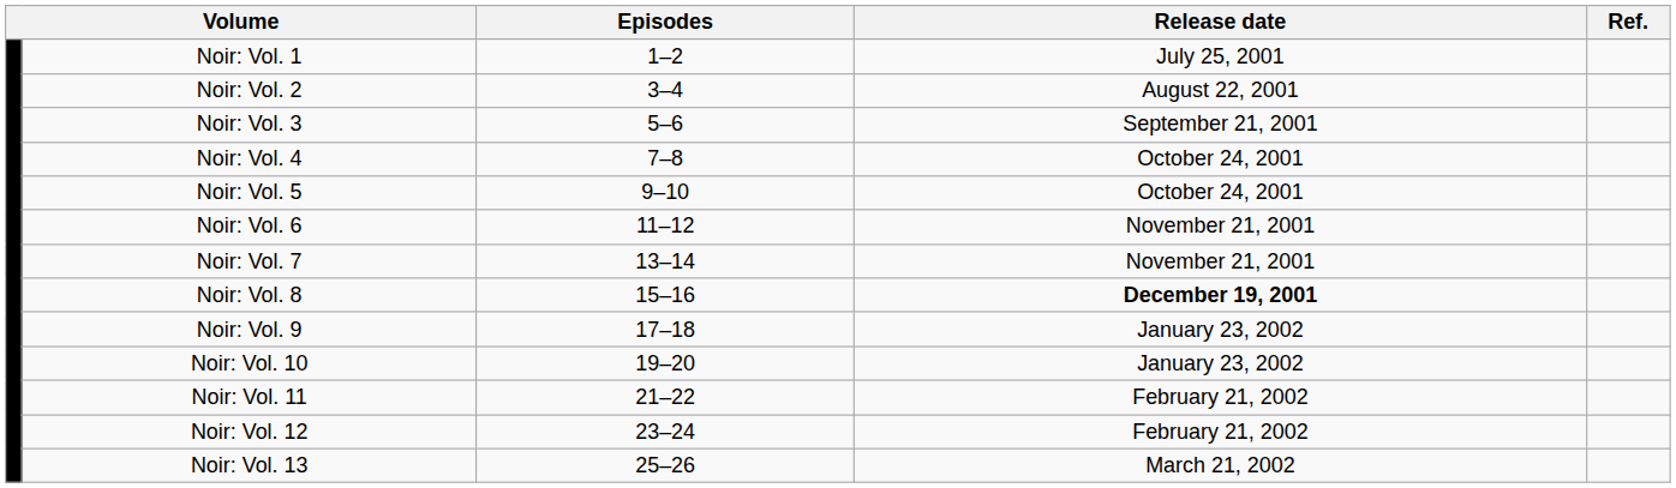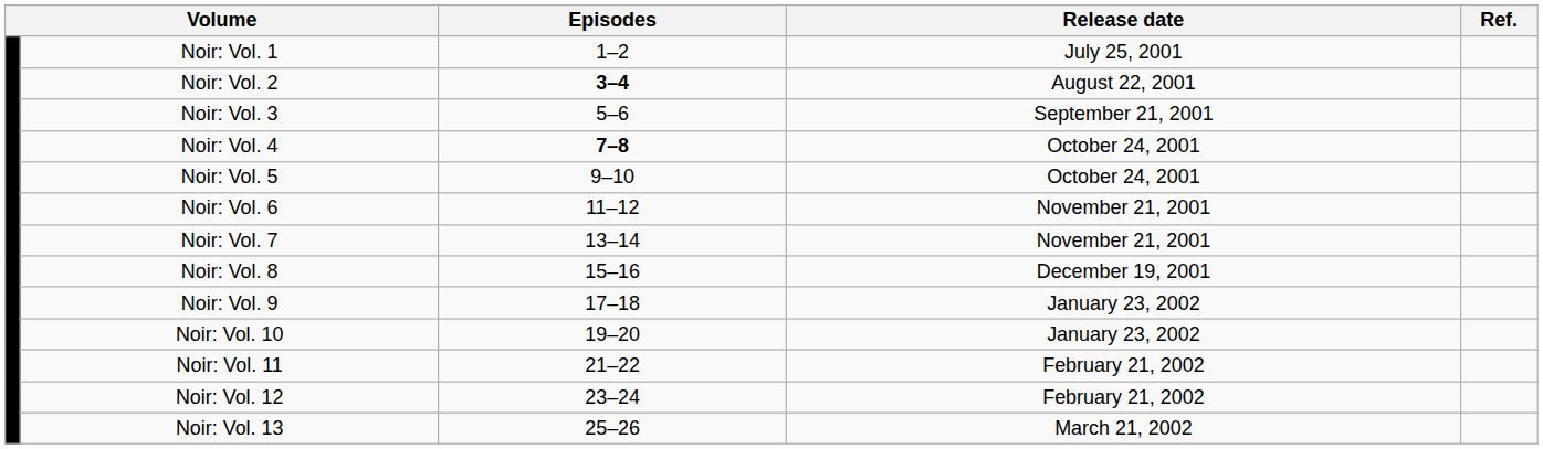 <table class="wikitable" style="text-align: center; width: 98%;">
 <tr>
 <th colspan="2">Volume</th>
 <th>Episodes</th>
 <th>Release date</th>
 <th width="5%">Ref.</th>
 </tr>
 <tr>
 <td rowspan="16" width="1%" style="background: #000000;"></td>
 <td>Noir: Vol. 1</td>
 <td>1–2</td>
 <td>July 25, 2001</td>
 <td></td>
 </tr>
 <tr>
 <td>Noir: Vol. 2</td>
-<td>3–4</td>
+<td><strong>3–4</strong></td>
 <td>August 22, 2001</td>
 <td></td>
 </tr>
 <tr>
 <td>Noir: Vol. 3</td>
 <td>5–6</td>
 <td>September 21, 2001</td>
 <td></td>
 </tr>
 <tr>
 <td>Noir: Vol. 4</td>
-<td>7–8</td>
+<td><strong>7–8</strong></td>
 <td>October 24, 2001</td>
 <td></td>
 </tr>
 <tr>
 <td>Noir: Vol. 5</td>
 <td>9–10</td>
 <td>October 24, 2001</td>
 <td></td>
 </tr>
 <tr>
 <td>Noir: Vol. 6</td>
 <td>11–12</td>
 <td>November 21, 2001</td>
 <td></td>
 </tr>
 <tr>
 <td>Noir: Vol. 7</td>
 <td>13–14</td>
 <td>November 21, 2001</td>
 <td></td>
 </tr>
 <tr>
 <td>Noir: Vol. 8</td>
 <td>15–16</td>
-<td><strong>December 19, 2001</strong></td>
+<td>December 19, 2001</td>
 <td></td>
 </tr>
 <tr>
 <td>Noir: Vol. 9</td>
 <td>17–18</td>
 <td>January 23, 2002</td>
 <td></td>
 </tr>
 <tr>
 <td>Noir: Vol. 10</td>
 <td>19–20</td>
 <td>January 23, 2002</td>
 <td></td>
 </tr>
 <tr>
 <td>Noir: Vol. 11</td>
 <td>21–22</td>
 <td>February 21, 2002</td>
 <td></td>
 </tr>
 <tr>
 <td>Noir: Vol. 12</td>
 <td>23–24</td>
 <td>February 21, 2002</td>
 <td></td>
 </tr>
 <tr>
 <td>Noir: Vol. 13</td>
 <td>25–26</td>
 <td>March 21, 2002</td>
 <td></td>
 </tr>
 </table>
